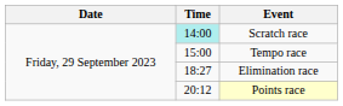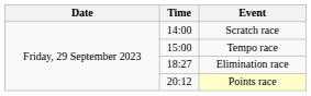 <table class = "wikitable" style="text-align:center;">
 <tr>
 <th width=220>Date</th>
 <th width=50>Time</th>
 <th width=150>Event</th>
 </tr>
 <tr>
 <td rowspan=4>Friday, 29 September 2023</td>
-<td style="background: paleturquoise;">14:00</td>
+<td>14:00</td>
 <td>Scratch race</td>
 </tr>
 <tr>
 <td>15:00</td>
 <td>Tempo race</td>
 </tr>
 <tr>
 <td>18:27</td>
 <td>Elimination race</td>
 </tr>
 <tr>
 <td>20:12</td>
 <td bgcolor=ffffcc>Points race</td>
 </tr>
 </table>
